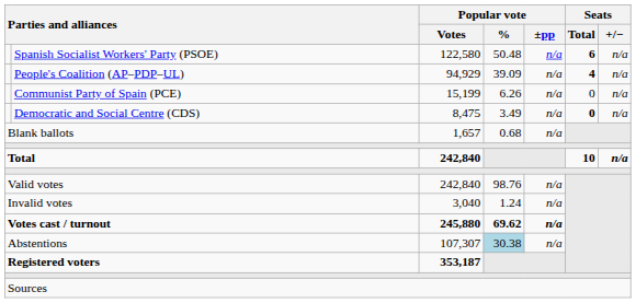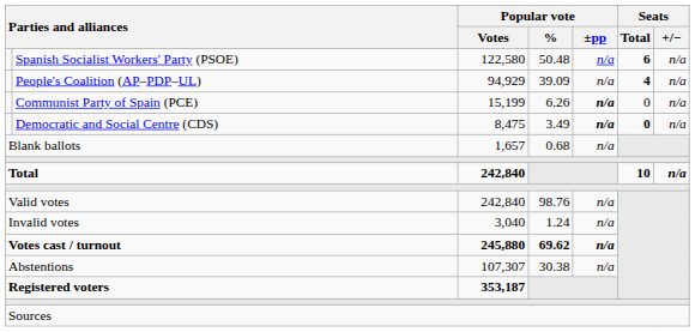 <table class="wikitable" style="text-align:right;">
 <tr>
 <th style="text-align:left;" rowspan="2" colspan="2" width="525">Parties and alliances</th>
 <th colspan="3">Popular vote</th>
 <th colspan="2">Seats</th>
 </tr>
 <tr>
 <th width="75">Votes</th>
 <th width="45">%</th>
 <th width="45">±<a href='#'>pp</a></th>
 <th width="35">Total</th>
 <th width="35">+/−</th>
 </tr>
 <tr>
 <td width="1" style="color:inherit;background:"></td>
 <td align="left"><a href='#'>Spanish Socialist Workers' Party</a> (PSOE)</td>
 <td>122,580</td>
 <td>50.48</td>
 <td><em><a href='#'>n/a</a></em></td>
 <td><strong>6</strong></td>
 <td><em>n/a</em></td>
 </tr>
 <tr>
 <td style="color:inherit;background:"></td>
 <td align="left"><a href='#'>People's Coalition</a> (<a href='#'>AP</a>–<a href='#'>PDP</a>–<a href='#'>UL</a>)</td>
 <td>94,929</td>
 <td>39.09</td>
 <td><em>n/a</em></td>
 <td><strong>4</strong></td>
 <td><em>n/a</em></td>
 </tr>
 <tr>
 <td style="color:inherit;background:"></td>
 <td align="left"><a href='#'>Communist Party of Spain</a> (PCE)</td>
 <td>15,199</td>
 <td>6.26</td>
-<td><em>n/a</em></td>
+<td><strong><em>n/a</em></strong></td>
 <td>0</td>
 <td><em>n/a</em></td>
 </tr>
 <tr>
 <td style="color:inherit;background:"></td>
 <td align="left"><a href='#'>Democratic and Social Centre</a> (CDS)</td>
 <td>8,475</td>
 <td>3.49</td>
-<td><em>n/a</em></td>
+<td><strong><em>n/a</em></strong></td>
 <td><strong>0</strong></td>
 <td><em>n/a</em></td>
 </tr>
 <tr>
 <td align="left" colspan="2">Blank ballots</td>
 <td>1,657</td>
 <td>0.68</td>
 <td><em>n/a</em></td>
 <td bgcolor="#E9E9E9" colspan="2"></td>
 </tr>
 <tr>
 <td colspan="7" bgcolor="#E9E9E9"></td>
 </tr>
 <tr style="font-weight:bold;">
 <td align="left" colspan="2">Total</td>
 <td>242,840</td>
 <td bgcolor="#E9E9E9" colspan="2"></td>
 <td>10</td>
 <td><em>n/a</em></td>
 </tr>
 <tr>
 <td colspan="7" bgcolor="#E9E9E9"></td>
 </tr>
 <tr>
 <td align="left" colspan="2">Valid votes</td>
 <td>242,840</td>
 <td>98.76</td>
 <td><em>n/a</em></td>
 <td bgcolor="#E9E9E9" colspan="2" rowspan="5"></td>
 </tr>
 <tr>
 <td align="left" colspan="2">Invalid votes</td>
 <td>3,040</td>
 <td>1.24</td>
 <td><em>n/a</em></td>
 </tr>
 <tr style="font-weight:bold;">
 <td align="left" colspan="2">Votes cast / turnout</td>
 <td>245,880</td>
 <td>69.62</td>
 <td><em>n/a</em></td>
 </tr>
 <tr>
 <td align="left" colspan="2">Abstentions</td>
 <td>107,307</td>
-<td style="background: lightblue;">30.38</td>
+<td>30.38</td>
 <td><em>n/a</em></td>
 </tr>
 <tr style="font-weight:bold;">
 <td align="left" colspan="2">Registered voters</td>
 <td>353,187</td>
 <td bgcolor="#E9E9E9" colspan="2"></td>
 </tr>
 <tr>
 <td colspan="7" bgcolor="#E9E9E9"></td>
 </tr>
 <tr>
 <td align="left" colspan="7">Sources</td>
 </tr>
 </table>
